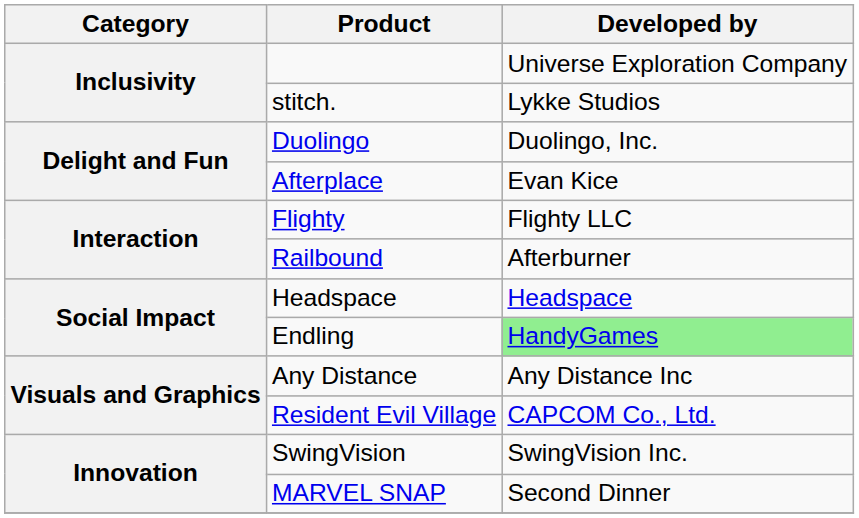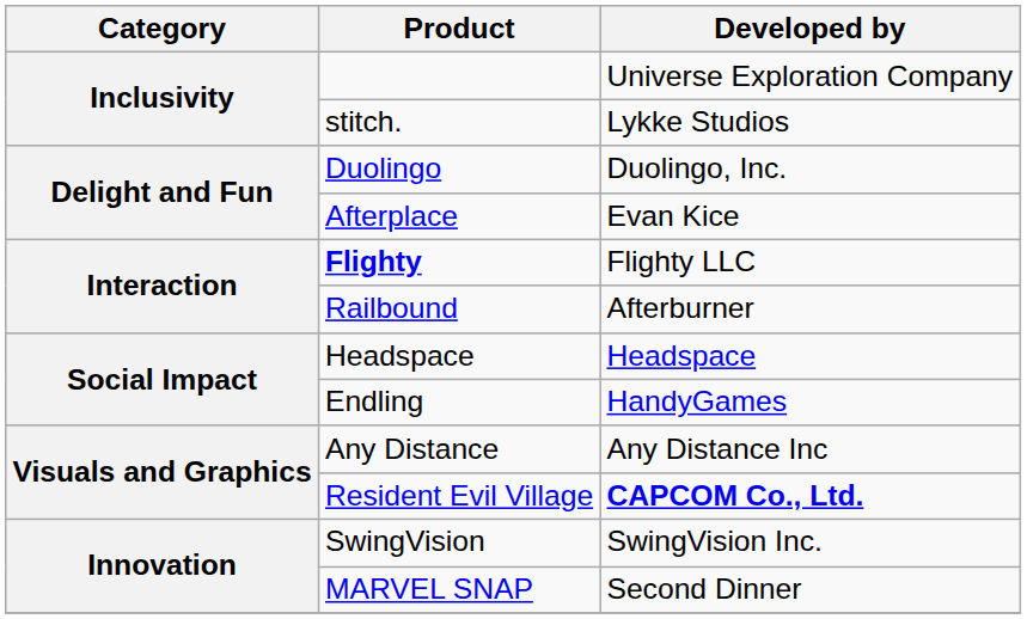 <table class="wikitable">
 <tr>
 <th>Category</th>
 <th>Product</th>
 <th>Developed by</th>
 </tr>
 <tr>
 <th rowspan="2">Inclusivity</th>
 <td></td>
 <td>Universe Exploration Company</td>
 </tr>
 <tr>
 <td>stitch.</td>
 <td>Lykke Studios</td>
 </tr>
 <tr>
 <th rowspan="2">Delight and Fun</th>
 <td><a href='#'>Duolingo</a></td>
 <td>Duolingo, Inc.</td>
 </tr>
 <tr>
 <td><a href='#'>Afterplace</a></td>
 <td>Evan Kice</td>
 </tr>
 <tr>
 <th rowspan="2">Interaction</th>
-<td><a href='#'>Flighty</a></td>
+<td><strong><a href='#'>Flighty</a></strong></td>
 <td>Flighty LLC</td>
 </tr>
 <tr>
 <td><a href='#'>Railbound</a></td>
 <td>Afterburner</td>
 </tr>
 <tr>
 <th rowspan="2">Social Impact</th>
 <td>Headspace</td>
 <td><a href='#'>Headspace</a></td>
 </tr>
 <tr>
 <td>Endling</td>
-<td style="background: lightgreen;"><a href='#'>HandyGames</a></td>
+<td><a href='#'>HandyGames</a></td>
 </tr>
 <tr>
 <th rowspan="2">Visuals and Graphics</th>
 <td>Any Distance</td>
 <td>Any Distance Inc</td>
 </tr>
 <tr>
 <td><a href='#'>Resident Evil Village</a></td>
-<td><a href='#'>CAPCOM Co., Ltd.</a></td>
+<td><strong><a href='#'>CAPCOM Co., Ltd.</a></strong></td>
 </tr>
 <tr>
 <th rowspan="2">Innovation</th>
 <td>SwingVision</td>
 <td>SwingVision Inc.</td>
 </tr>
 <tr>
 <td><a href='#'>MARVEL SNAP</a></td>
 <td>Second Dinner</td>
 </tr>
 <tr>
 </tr>
 </table>
